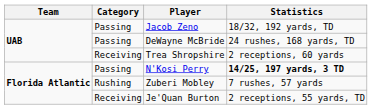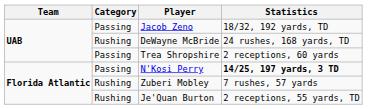 <table class="wikitable" style="float: left;">
 <tr>
 <th>Team</th>
 <th>Category</th>
 <th>Player</th>
 <th>Statistics</th>
 </tr>
 <tr>
 <td rowspan=3><strong>UAB</strong></td>
 <td>Passing</td>
 <td><a href='#'>Jacob Zeno</a></td>
 <td>18/32, 192 yards, TD</td>
 </tr>
 <tr>
-<td>Passing</td>
+<td>Rushing</td>
 <td>DeWayne McBride</td>
 <td>24 rushes, 168 yards, TD</td>
 </tr>
 <tr>
-<td>Receiving</td>
+<td>Passing</td>
 <td>Trea Shropshire</td>
 <td>2 receptions, 60 yards</td>
 </tr>
 <tr>
 <td rowspan=3><strong>Florida Atlantic</strong></td>
 <td>Passing</td>
 <td><a href='#'>N'Kosi Perry</a></td>
 <td><strong>14/25, 197 yards, 3 TD</strong></td>
 </tr>
 <tr>
 <td>Rushing</td>
 <td>Zuberi Mobley</td>
 <td>7 rushes, 57 yards</td>
 </tr>
 <tr>
-<td>Receiving</td>
+<td>Rushing</td>
 <td>Je'Quan Burton</td>
 <td>2 receptions, 55 yards, TD</td>
 </tr>
 </table>
